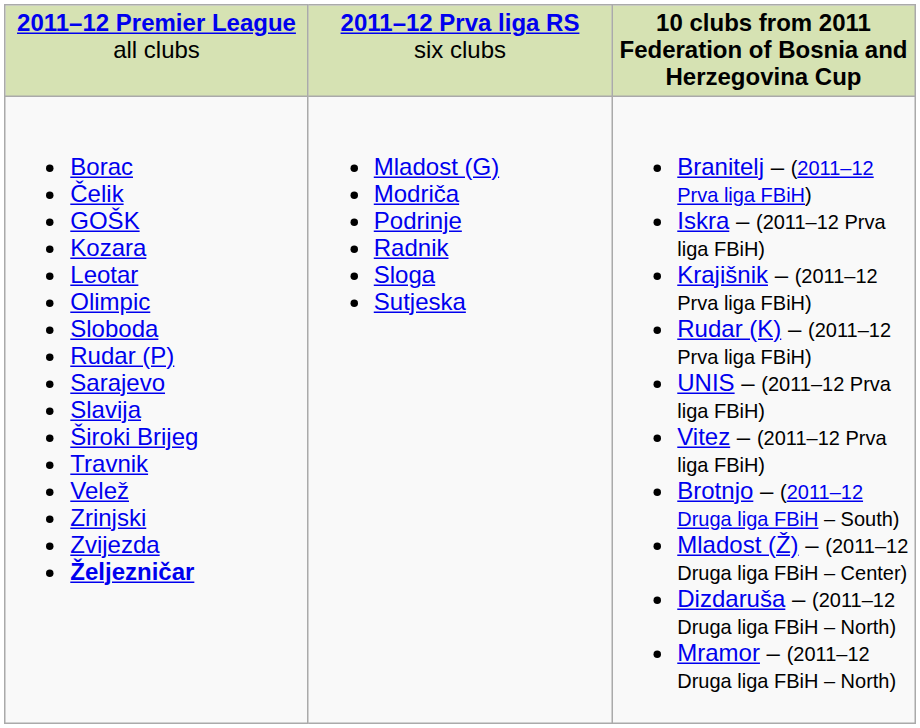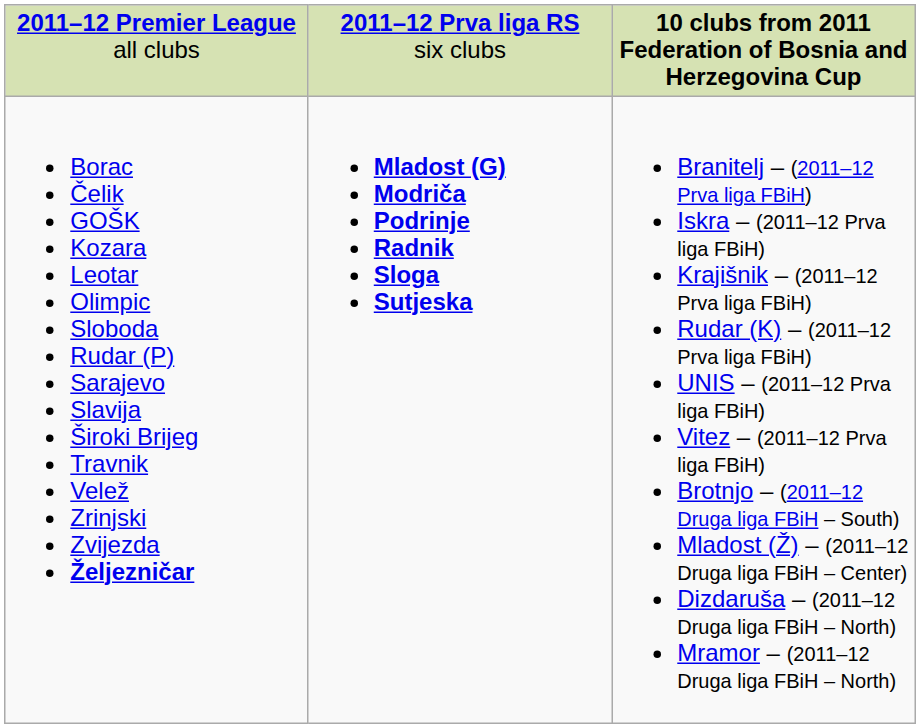 <table class="wikitable">
 <tr valign="top" bgcolor="#D6E2B3">
 <td align="center" width="25%"><strong><a href='#'>2011–12 Premier League</a></strong><br>all clubs</td>
 <td align="center" width="25%"><strong><a href='#'>2011–12 Prva liga RS</a></strong><br>six clubs</td>
 <td align="center" width="25%"><strong>10 clubs from 2011 Federation of Bosnia and Herzegovina Cup</strong></td>
 </tr>
 <tr valign="top">
 <td><br><ul><li><a href='#'>Borac</a></li><li><a href='#'>Čelik</a></li><li><a href='#'>GOŠK</a></li><li><a href='#'>Kozara</a></li><li><a href='#'>Leotar</a></li><li><a href='#'>Olimpic</a></li><li><a href='#'>Sloboda</a></li><li><a href='#'>Rudar (P)</a></li><li><a href='#'>Sarajevo</a></li><li><a href='#'>Slavija</a></li><li><a href='#'>Široki Brijeg</a></li><li><a href='#'>Travnik</a></li><li><a href='#'>Velež</a></li><li><a href='#'>Zrinjski</a></li><li><a href='#'>Zvijezda</a></li><li><strong><a href='#'>Željezničar</a></strong></li></ul></td>
-<td><br><ul><li><a href='#'>Mladost (G)</a></li><li><a href='#'>Modriča</a></li><li><a href='#'>Podrinje</a></li><li><a href='#'>Radnik</a></li><li><a href='#'>Sloga</a></li><li><a href='#'>Sutjeska</a></li></ul></td>
+<td><strong><br><ul><li><a href='#'>Mladost (G)</a></li><li><a href='#'>Modriča</a></li><li><a href='#'>Podrinje</a></li><li><a href='#'>Radnik</a></li><li><a href='#'>Sloga</a></li><li><a href='#'>Sutjeska</a></li></ul></strong></td>
 <td><br><ul><li><a href='#'>Branitelj</a> – <small>(<a href='#'>2011–12 Prva liga FBiH</a>)</small></li><li><a href='#'>Iskra</a> – <small>(2011–12 Prva liga FBiH)</small></li><li><a href='#'>Krajišnik</a> – <small>(2011–12 Prva liga FBiH)</small></li><li><a href='#'>Rudar (K)</a> – <small>(2011–12 Prva liga FBiH)</small></li><li><a href='#'>UNIS</a> – <small>(2011–12 Prva liga FBiH)</small></li><li><a href='#'>Vitez</a> – <small>(2011–12 Prva liga FBiH)</small></li><li><a href='#'>Brotnjo</a> – <small>(<a href='#'>2011–12 Druga liga FBiH</a> – South)</small></li><li><a href='#'>Mladost (Ž)</a> – <small>(2011–12 Druga liga FBiH – Center)</small></li><li><a href='#'>Dizdaruša</a> – <small>(2011–12 Druga liga FBiH – North)</small></li><li><a href='#'>Mramor</a> – <small>(2011–12 Druga liga FBiH – North)</small></li></ul></td>
 </tr>
 </table>
